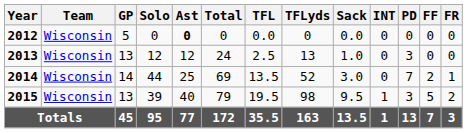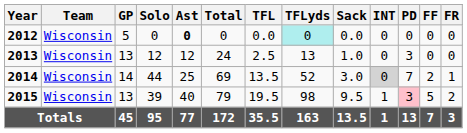 <table class="wikitable" style="text-align:center;">
 <tr>
 <th>Year</th>
 <th>Team</th>
 <th>GP</th>
 <th>Solo</th>
 <th>Ast</th>
 <th>Total</th>
 <th>TFL</th>
 <th>TFLyds</th>
 <th>Sack</th>
 <th>INT</th>
 <th>PD</th>
 <th>FF</th>
 <th>FR</th>
 </tr>
 <tr>
 <td><strong>2012</strong></td>
 <td><a href='#'>Wisconsin</a></td>
 <td>5</td>
 <td>0</td>
 <td><strong>0</strong></td>
 <td>0</td>
 <td>0.0</td>
-<td>0</td>
+<td style="background: paleturquoise;">0</td>
 <td>0.0</td>
 <td>0</td>
 <td>0</td>
 <td>0</td>
 <td>0</td>
 </tr>
 <tr>
 <td><strong>2013</strong></td>
 <td><a href='#'>Wisconsin</a></td>
 <td>13</td>
 <td>12</td>
 <td>12</td>
 <td>24</td>
 <td>2.5</td>
 <td>13</td>
 <td>1.0</td>
 <td>0</td>
 <td>3</td>
 <td>0</td>
 <td>0</td>
 </tr>
 <tr>
 <td><strong>2014</strong></td>
 <td><a href='#'>Wisconsin</a></td>
 <td>14</td>
 <td>44</td>
 <td>25</td>
 <td>69</td>
 <td>13.5</td>
 <td>52</td>
 <td>3.0</td>
-<td>0</td>
+<td style="background: lightgrey;">0</td>
 <td>7</td>
 <td>2</td>
 <td>1</td>
 </tr>
 <tr>
 <td><strong>2015</strong></td>
 <td><a href='#'>Wisconsin</a></td>
 <td>13</td>
 <td>39</td>
 <td>40</td>
 <td>79</td>
 <td>19.5</td>
 <td>98</td>
 <td>9.5</td>
 <td>1</td>
-<td>3</td>
+<td style="background: pink;">3</td>
 <td>5</td>
 <td>2</td>
 </tr>
 <tr style="background:#555; font-weight:bold; color:white;">
 <td colspan=2>Totals</td>
 <td>45</td>
 <td>95</td>
 <td>77</td>
 <td>172</td>
 <td>35.5</td>
 <td>163</td>
 <td>13.5</td>
 <td>1</td>
 <td>13</td>
 <td>7</td>
 <td>3</td>
 </tr>
 </table>
